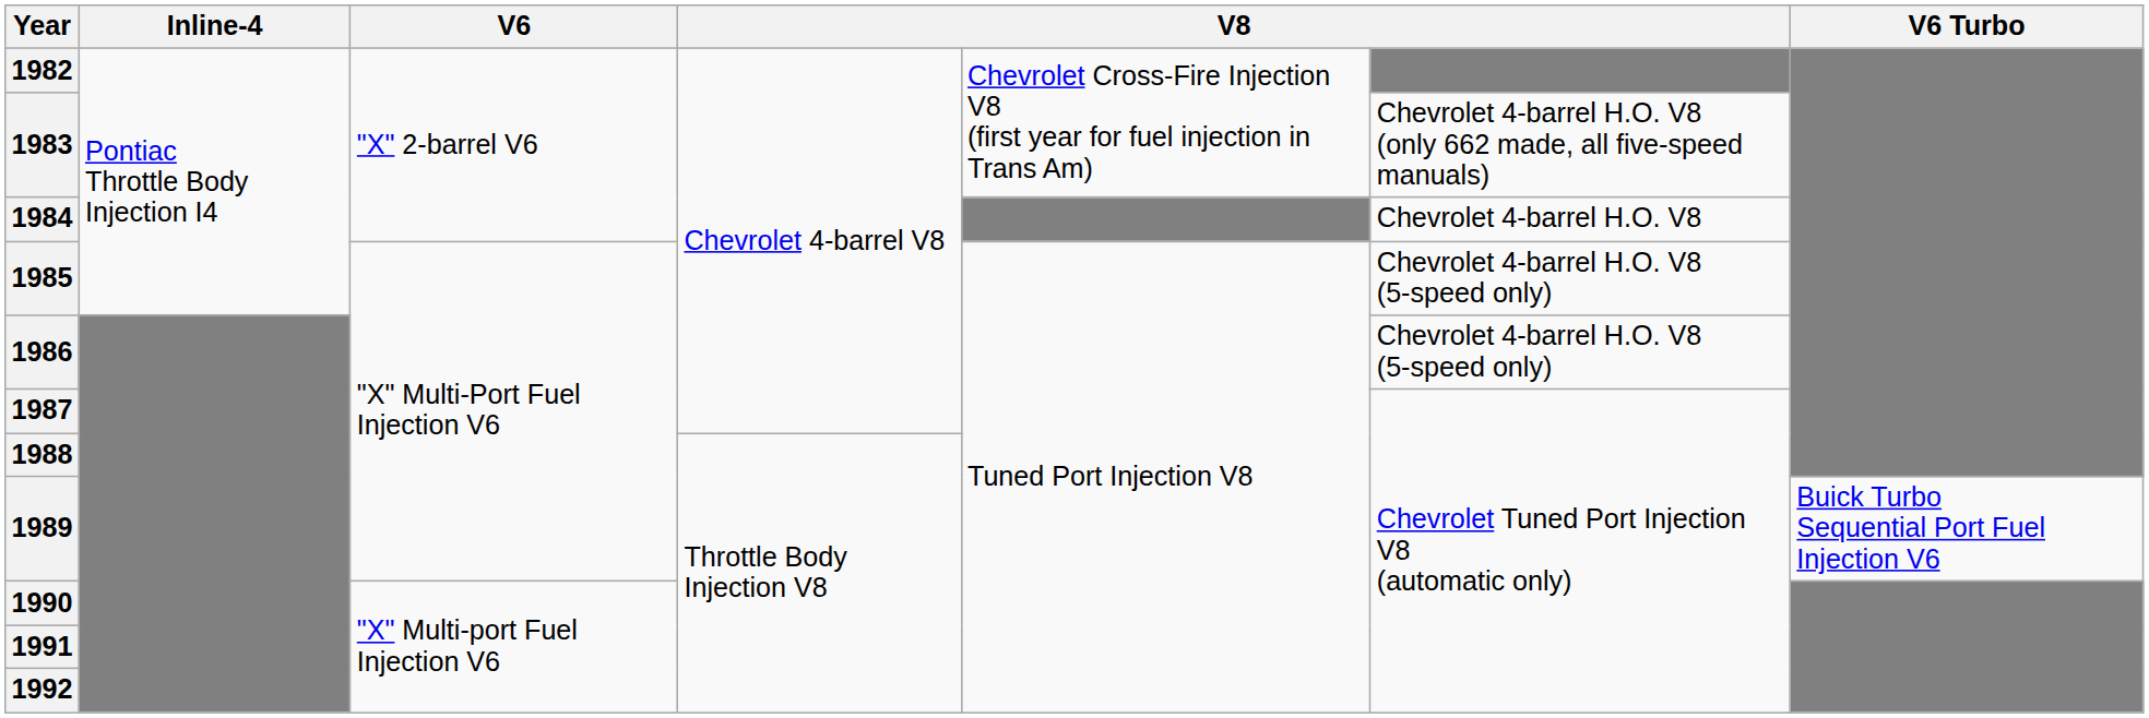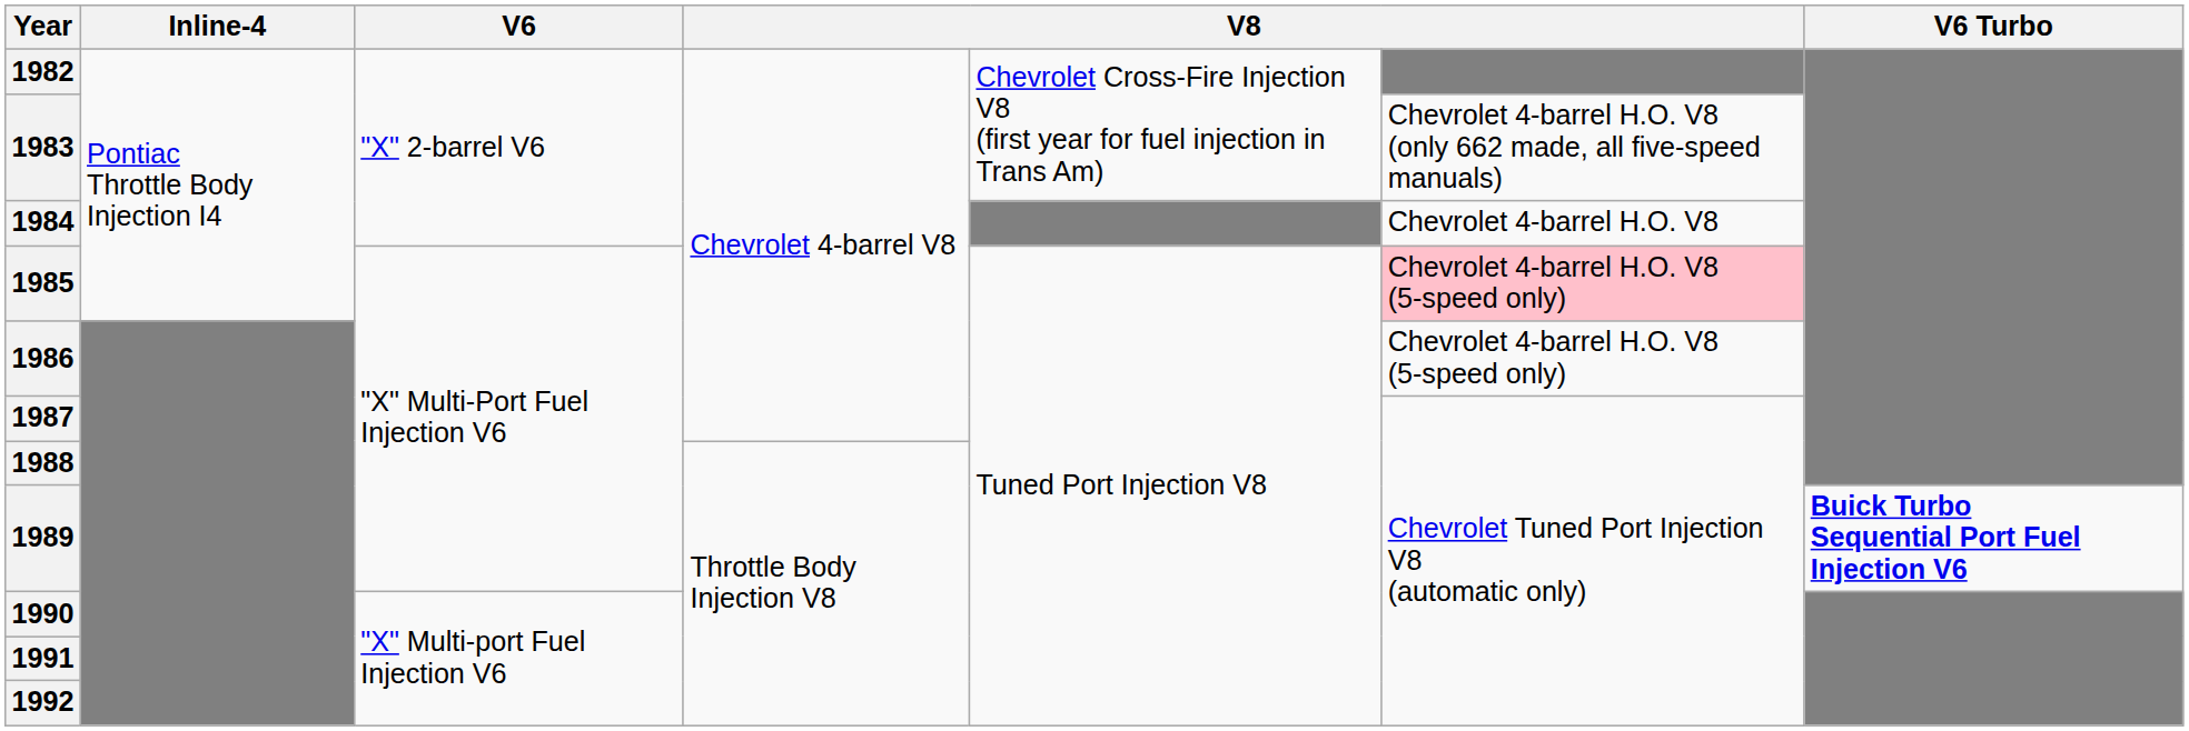 <table class="wikitable" style="font-size||90%;">
 <tr>
 <th>Year</th>
 <th>Inline-4</th>
 <th>V6</th>
 <th colspan="3">V8</th>
 <th>V6 Turbo</th>
 </tr>
 <tr>
 <th>1982</th>
 <td rowspan="4"><a href='#'> Pontiac</a><br>Throttle Body Injection I4</td>
 <td rowspan="3"><a href='#'> "X"</a> 2-barrel V6</td>
 <td rowspan="6"><a href='#'> Chevrolet</a> 4-barrel V8</td>
 <td rowspan="2"><a href='#'> Chevrolet</a> Cross-Fire Injection V8<br>(first year for fuel injection in Trans Am)</td>
 <td style="background: gray;"></td>
 <td rowspan="7" style="background: gray;"></td>
 </tr>
 <tr>
 <th>1983</th>
 <td> Chevrolet 4-barrel H.O. V8<br>(only 662 made, all five-speed manuals)</td>
 </tr>
 <tr>
 <th>1984</th>
 <td style="background: gray;"></td>
 <td> Chevrolet 4-barrel H.O. V8</td>
 </tr>
 <tr>
 <th>1985</th>
 <td rowspan="5"> "X" Multi-Port Fuel Injection V6</td>
 <td rowspan="8"> Tuned Port Injection V8</td>
-<td> Chevrolet 4-barrel H.O. V8<br>(5-speed only)</td>
+<td style="background: pink;"> Chevrolet 4-barrel H.O. V8<br>(5-speed only)</td>
 </tr>
 <tr>
 <th>1986</th>
 <td rowspan="7" style="background: gray;"></td>
 <td> Chevrolet 4-barrel H.O. V8<br>(5-speed only)</td>
 </tr>
 <tr>
 <th>1987</th>
 <td rowspan="6"><a href='#'> Chevrolet</a> Tuned Port Injection V8<br>(automatic only)</td>
 </tr>
 <tr>
 <th>1988</th>
 <td rowspan="5"> Throttle Body Injection V8</td>
 </tr>
 <tr>
 <th>1989</th>
-<td><a href='#'> Buick Turbo<br>Sequential Port Fuel Injection V6</a></td>
+<td><strong><a href='#'> Buick Turbo<br>Sequential Port Fuel Injection V6</a></strong></td>
 </tr>
 <tr>
 <th>1990</th>
 <td rowspan="3"><a href='#'> "X"</a> Multi-port Fuel Injection V6</td>
 <td rowspan="3" style="background: gray;"></td>
 </tr>
 <tr>
 <th>1991</th>
 </tr>
 <tr>
 <th>1992</th>
 </tr>
 </table>
